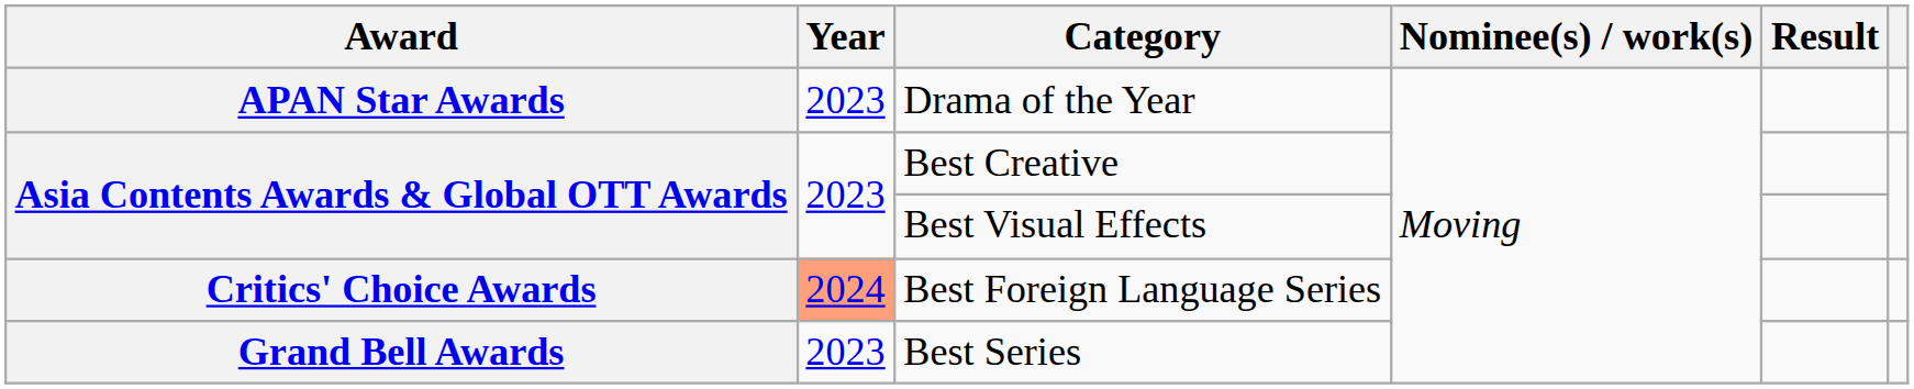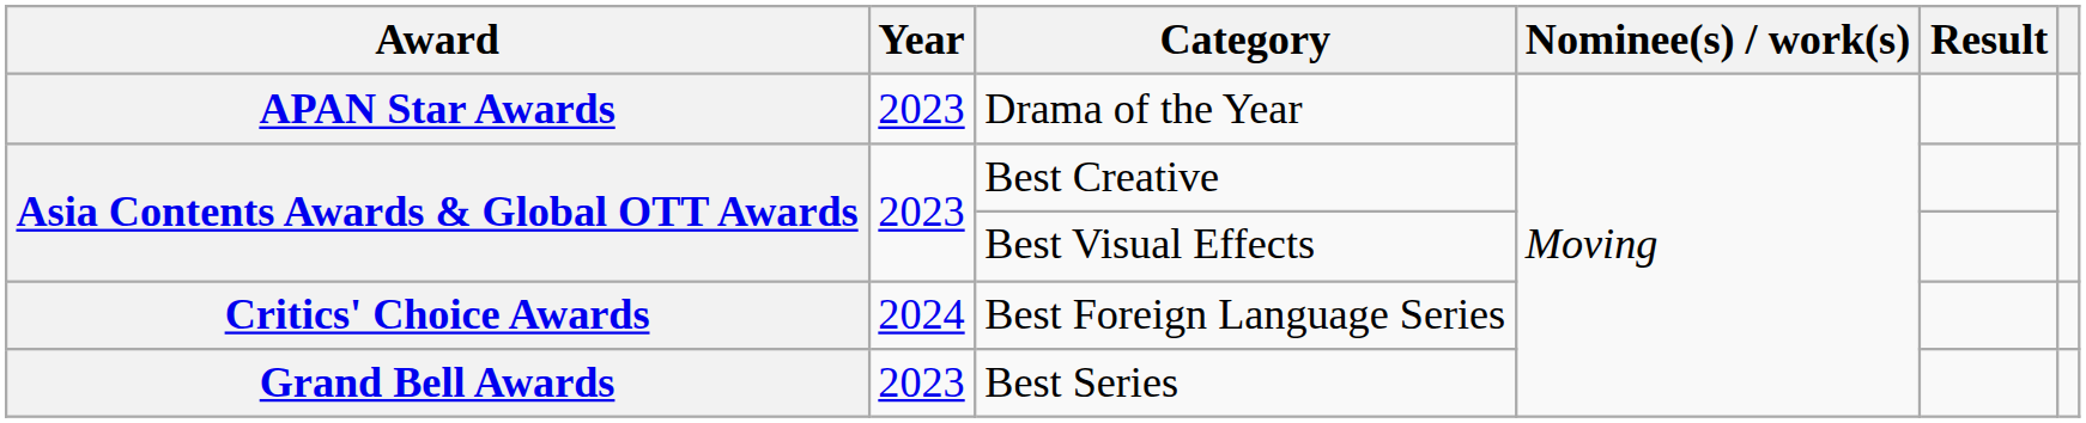 <table class="wikitable plainrowheaders sortable">
 <tr>
 <th scope="col">Award</th>
 <th scope="col">Year</th>
 <th scope="col">Category</th>
 <th scope="col">Nominee(s) / work(s)</th>
 <th scope="col">Result</th>
 <th scope="col" class="unsortable"></th>
 </tr>
 <tr>
 <th scope="row"><a href='#'>APAN Star Awards</a></th>
 <td style="text-align:center"><a href='#'>2023</a></td>
 <td>Drama of the Year</td>
 <td rowspan="5"><em>Moving</em></td>
 <td></td>
 <td style="text-align:center"></td>
 </tr>
 <tr>
 <th rowspan="2" scope="row"><a href='#'>Asia Contents Awards & Global OTT Awards</a></th>
 <td rowspan="2" style="text-align:center"><a href='#'>2023</a></td>
 <td>Best Creative</td>
 <td></td>
 <td rowspan="2" style="text-align:center"></td>
 </tr>
 <tr>
 <td>Best Visual Effects</td>
 <td></td>
 </tr>
 <tr>
 <th scope="row"><a href='#'>Critics' Choice Awards</a></th>
-<td style="background: lightsalmon; text-align:center"><a href='#'>2024</a></td>
+<td style="text-align:center"><a href='#'>2024</a></td>
 <td>Best Foreign Language Series</td>
 <td></td>
 <td style="text-align:center"></td>
 </tr>
 <tr>
 <th scope="row"><a href='#'>Grand Bell Awards</a></th>
 <td style="text-align:center"><a href='#'>2023</a></td>
 <td>Best Series</td>
 <td></td>
 <td style="text-align:center"></td>
 </tr>
 </table>
